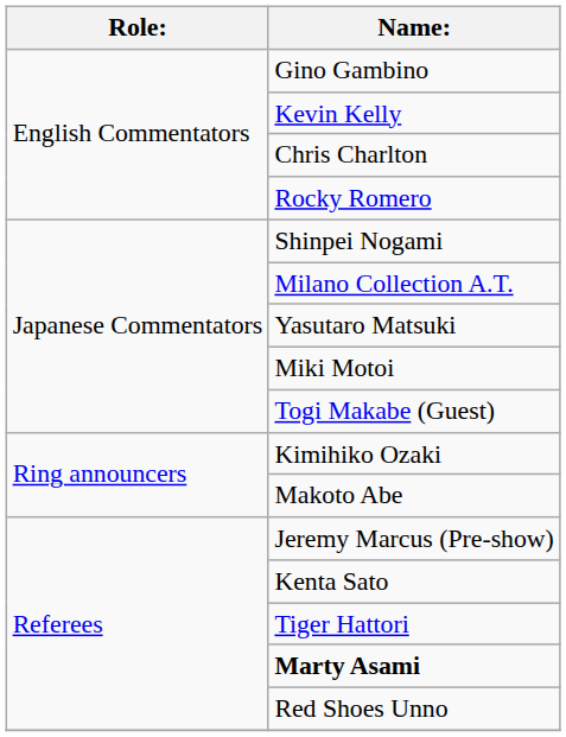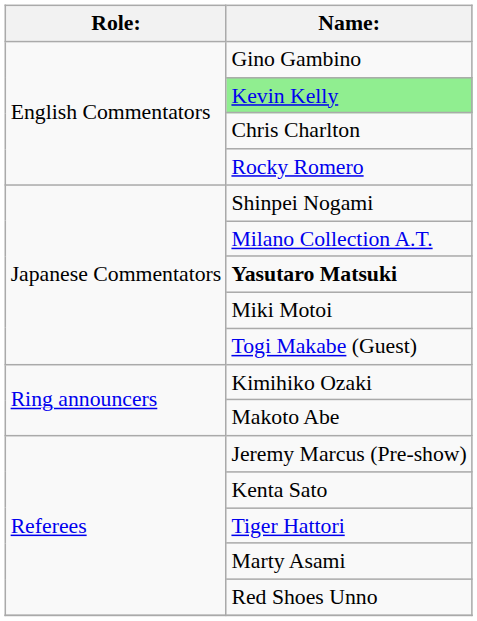 <table class=wikitable style="font-size:90%; margin: 0.5em 0 0.5em 1em; float: right; clear: right;">
 <tr>
 <th>Role:</th>
 <th>Name:</th>
 </tr>
 <tr>
 <td rowspan=4>English Commentators</td>
 <td>Gino Gambino</td>
 </tr>
 <tr>
-<td><a href='#'>Kevin Kelly</a></td>
+<td style="background: lightgreen;"><a href='#'>Kevin Kelly</a></td>
 </tr>
 <tr>
 <td>Chris Charlton</td>
 </tr>
 <tr>
 <td><a href='#'>Rocky Romero</a></td>
 </tr>
 <tr>
 <td rowspan=5>Japanese Commentators</td>
 <td>Shinpei Nogami</td>
 </tr>
 <tr>
 <td><a href='#'>Milano Collection A.T.</a></td>
 </tr>
 <tr>
-<td>Yasutaro Matsuki</td>
+<td><strong>Yasutaro Matsuki</strong></td>
 </tr>
 <tr>
 <td>Miki Motoi</td>
 </tr>
 <tr>
 <td><a href='#'>Togi Makabe</a> (Guest)</td>
 </tr>
 <tr>
 <td rowspan=2><a href='#'>Ring announcers</a></td>
 <td>Kimihiko Ozaki</td>
 </tr>
 <tr>
 <td>Makoto Abe</td>
 </tr>
 <tr>
 <td rowspan=5><a href='#'>Referees</a></td>
 <td>Jeremy Marcus (Pre-show)</td>
 </tr>
 <tr>
 <td>Kenta Sato</td>
 </tr>
 <tr>
 <td><a href='#'>Tiger Hattori</a></td>
 </tr>
 <tr>
-<td><strong>Marty Asami</strong></td>
+<td>Marty Asami</td>
 </tr>
 <tr>
 <td>Red Shoes Unno</td>
 </tr>
 <tr>
 </tr>
 </table>
